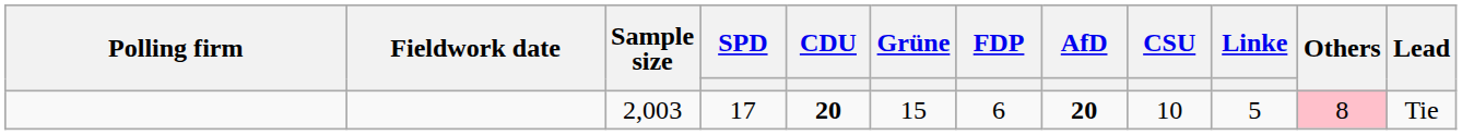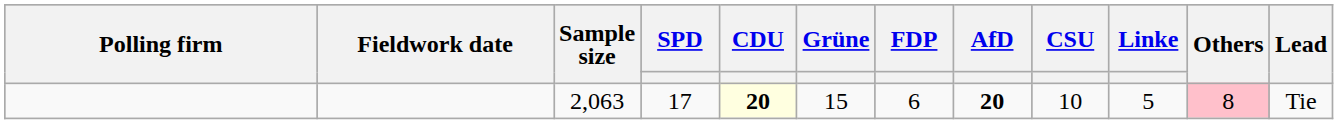 <table class="wikitable sortable mw-datatable mw-collapsible" style="text-align:center;font-size:90%;line-height:14px;">
 <tr style="height:40px;">
 <th style="width:180px;" rowspan="2">Polling firm</th>
 <th style="width:135px;" rowspan="2">Fieldwork date</th>
 <th style="width:35px;" rowspan="2">Sample<br>size</th>
 <th class="unsortable" style="width:40px;"><a href='#'>SPD</a></th>
 <th class="unsortable" style="width:40px;"><a href='#'>CDU</a></th>
 <th class="unsortable" style="width:40px;"><a href='#'>Grüne</a></th>
 <th class="unsortable" style="width:40px;"><a href='#'>FDP</a></th>
 <th class="unsortable" style="width:40px;"><a href='#'>AfD</a></th>
 <th class="unsortable" style="width:40px;"><a href='#'>CSU</a></th>
 <th class="unsortable" style="width:40px;"><a href='#'>Linke</a></th>
 <th class="unsortable" style="width:30px;" rowspan="2">Others</th>
 <th style="width:30px;" rowspan="2">Lead</th>
 </tr>
 <tr>
 <th style="background:"></th>
 <th style="background:"></th>
 <th style="background:"></th>
 <th style="background:"></th>
 <th style="background:"></th>
 <th style="background:"></th>
 <th style="background:"></th>
 </tr>
 <tr>
 <td></td>
 <td></td>
-<td>2,003</td>
+<td>2,063</td>
 <td>17</td>
-<td><strong>20</strong></td>
+<td style="background: lightyellow;"><strong>20</strong></td>
 <td>15</td>
 <td>6</td>
 <td><strong>20</strong></td>
 <td>10</td>
 <td>5</td>
 <td style="background: pink;">8</td>
 <td>Tie</td>
 </tr>
 </table>
